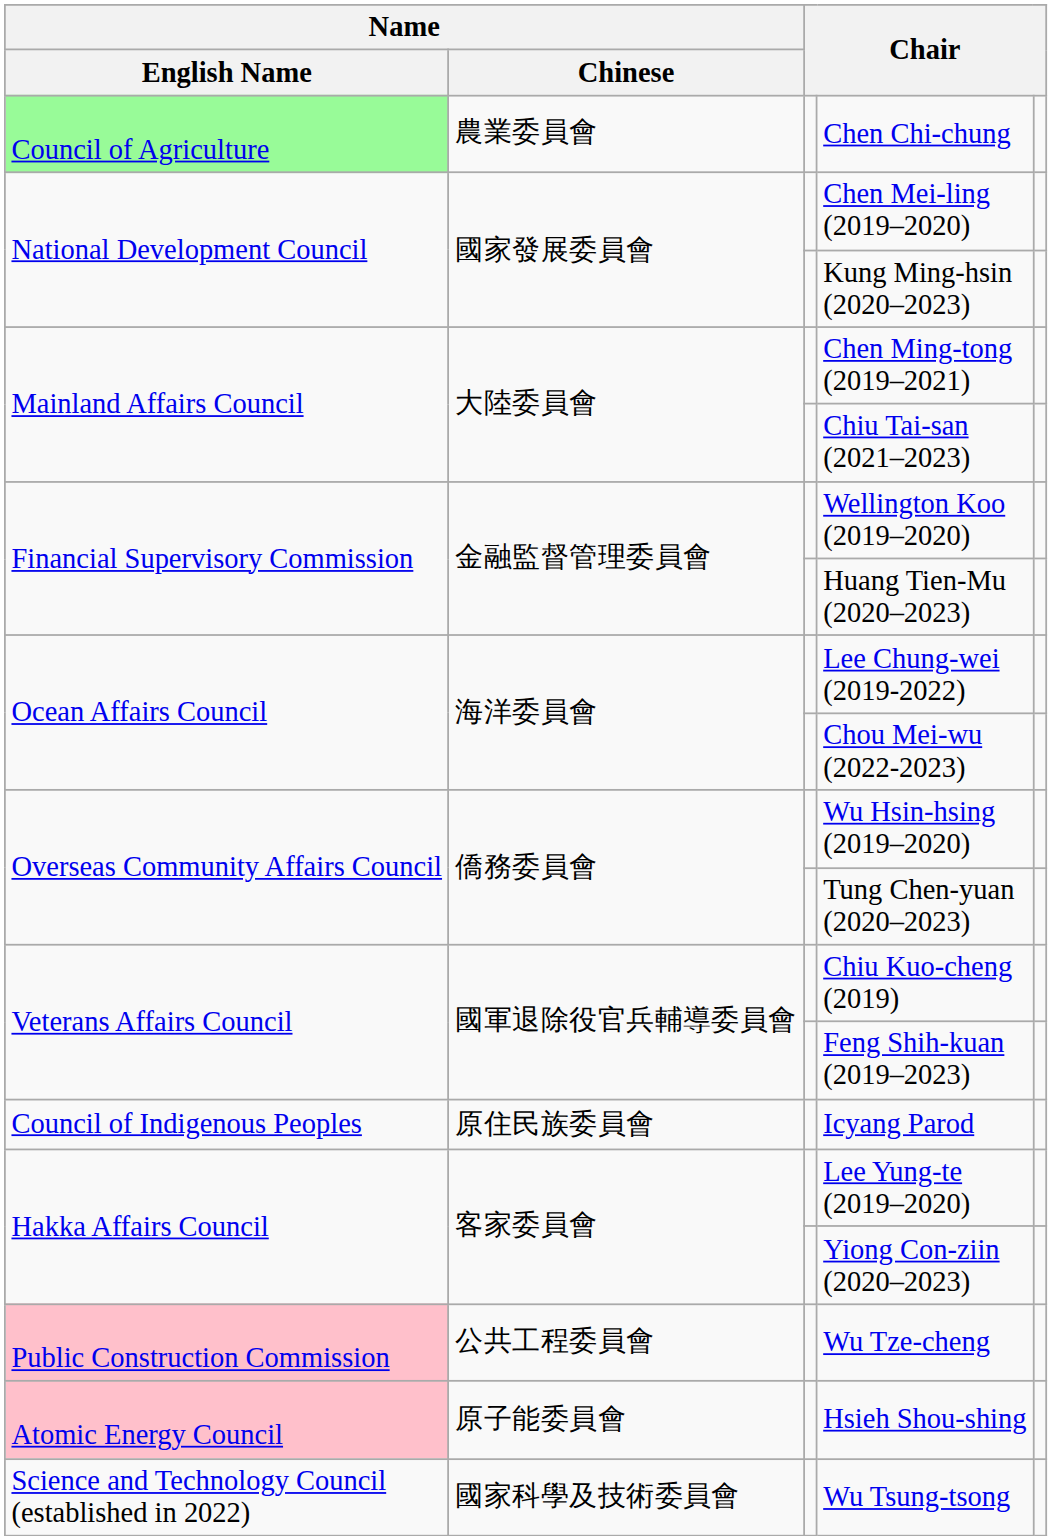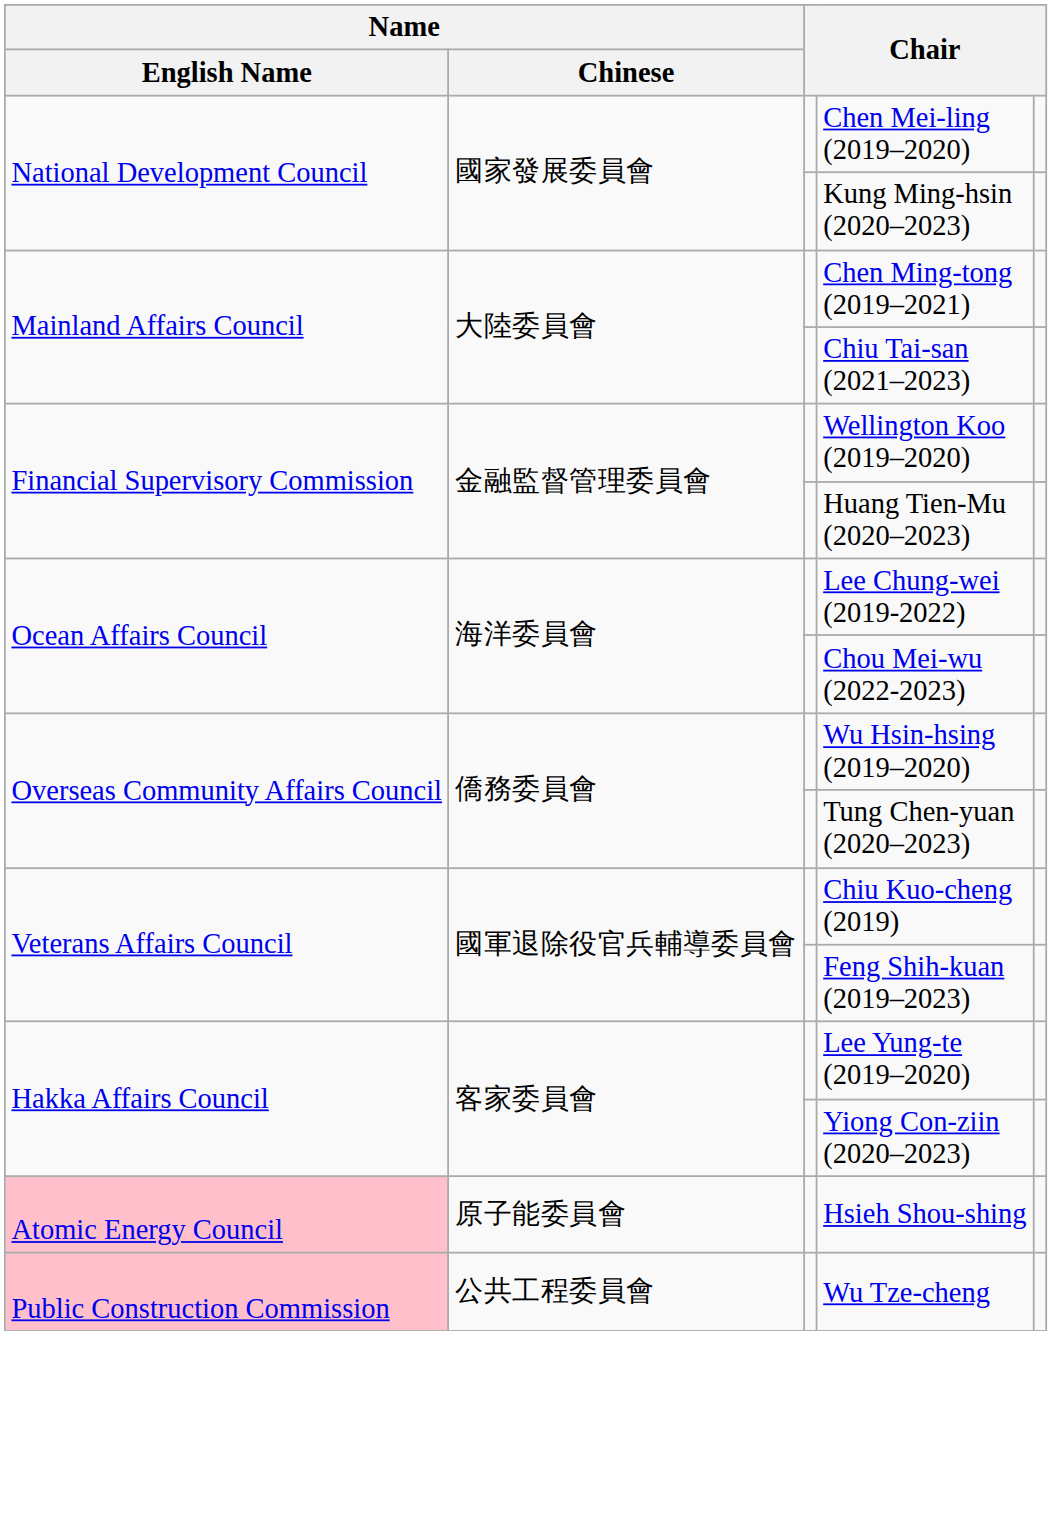 <table class="wikitable sortable">
 <tr>
 <th colspan="2">Name</th>
 <th colspan="3" rowspan="2">Chair</th>
 </tr>
 <tr>
 <th>English Name</th>
 <th>Chinese</th>
-</tr>
-<tr>
-<td style="background:palegreen"><br><a href='#'>Council of Agriculture</a></td>
-<td>農業委員會</td>
-<td style="background:"></td>
-<td><a href='#'>Chen Chi-chung</a></td>
-<td></td>
 </tr>
 <tr>
 <td rowspan=2><a href='#'>National Development Council</a></td>
 <td rowspan=2>國家發展委員會</td>
 <td style="background:"></td>
 <td><a href='#'>Chen Mei-ling</a><br>(2019–2020)</td>
 <td></td>
 </tr>
 <tr>
 <td style="background:"></td>
 <td>Kung Ming-hsin<br>(2020–2023)</td>
 <td></td>
 </tr>
 <tr>
 <td rowspan=2><a href='#'>Mainland Affairs Council</a></td>
 <td rowspan=2>大陸委員會</td>
 <td style="background:"></td>
 <td><a href='#'>Chen Ming-tong</a><br>(2019–2021)</td>
 <td></td>
 </tr>
 <tr>
 <td style="background:"></td>
 <td><a href='#'>Chiu Tai-san</a><br>(2021–2023)</td>
 <td></td>
 </tr>
 <tr>
 <td rowspan=2><a href='#'>Financial Supervisory Commission</a></td>
 <td rowspan=2>金融監督管理委員會</td>
 <td style="background:"></td>
 <td><a href='#'>Wellington Koo</a><br>(2019–2020)</td>
 <td></td>
 </tr>
 <tr>
 <td style="background:"></td>
 <td>Huang Tien-Mu<br>(2020–2023)</td>
 <td></td>
 </tr>
 <tr>
 <td rowspan=2><a href='#'>Ocean Affairs Council</a></td>
 <td rowspan=2>海洋委員會</td>
 <td style="background:"></td>
 <td><a href='#'>Lee Chung-wei</a><br>(2019-2022)</td>
 <td></td>
 </tr>
 <tr>
 <td style="background:"></td>
 <td><a href='#'>Chou Mei-wu</a><br>(2022-2023)</td>
 <td></td>
 </tr>
 <tr>
 <td rowspan=2><a href='#'>Overseas Community Affairs Council</a></td>
 <td rowspan=2>僑務委員會</td>
 <td style="background:"></td>
 <td><a href='#'>Wu Hsin-hsing</a><br>(2019–2020)</td>
 <td></td>
 </tr>
 <tr>
 <td style="background:"></td>
 <td>Tung Chen-yuan<br>(2020–2023)</td>
 <td></td>
 </tr>
 <tr>
 <td rowspan=2><a href='#'>Veterans Affairs Council</a></td>
 <td rowspan=2>國軍退除役官兵輔導委員會</td>
 <td style="background:"></td>
 <td><a href='#'>Chiu Kuo-cheng</a><br>(2019)</td>
 <td></td>
 </tr>
 <tr>
 <td style="background:"></td>
 <td><a href='#'>Feng Shih-kuan</a><br>(2019–2023)</td>
 <td></td>
 </tr>
 <tr>
-<td><a href='#'>Council of Indigenous Peoples</a></td>
-<td>原住民族委員會</td>
-<td style="background:"></td>
-<td><a href='#'>Icyang Parod</a></td>
-<td></td>
-</tr>
-<tr>
 <td rowspan=2><a href='#'>Hakka Affairs Council</a></td>
 <td rowspan=2>客家委員會</td>
 <td style="background:"></td>
 <td><a href='#'>Lee Yung-te</a><br>(2019–2020)</td>
 <td></td>
 </tr>
 <tr>
 <td style="background:"></td>
 <td><a href='#'>Yiong Con-ziin</a><br>(2020–2023)</td>
 <td></td>
 </tr>
 <tr>
-<td style="background:pink"><br><a href='#'>Public Construction Commission</a></td>
-<td>公共工程委員會</td>
-<td style="background:"></td>
-<td><a href='#'>Wu Tze-cheng</a></td>
-<td></td>
-</tr>
-<tr>
 <td style="background:pink"><br><a href='#'>Atomic Energy Council</a></td>
 <td>原子能委員會</td>
 <td style="background:"></td>
 <td><a href='#'>Hsieh Shou-shing</a></td>
 <td></td>
 </tr>
 <tr>
-<td><a href='#'>Science and Technology Council</a><br>(established in 2022)</td>
-<td>國家科學及技術委員會</td>
+<td style="background:pink"><br><a href='#'>Public Construction Commission</a></td>
+<td>公共工程委員會</td>
 <td style="background:"></td>
-<td><a href='#'>Wu Tsung-tsong</a></td>
+<td><a href='#'>Wu Tze-cheng</a></td>
 <td></td>
 </tr>
 </table>
